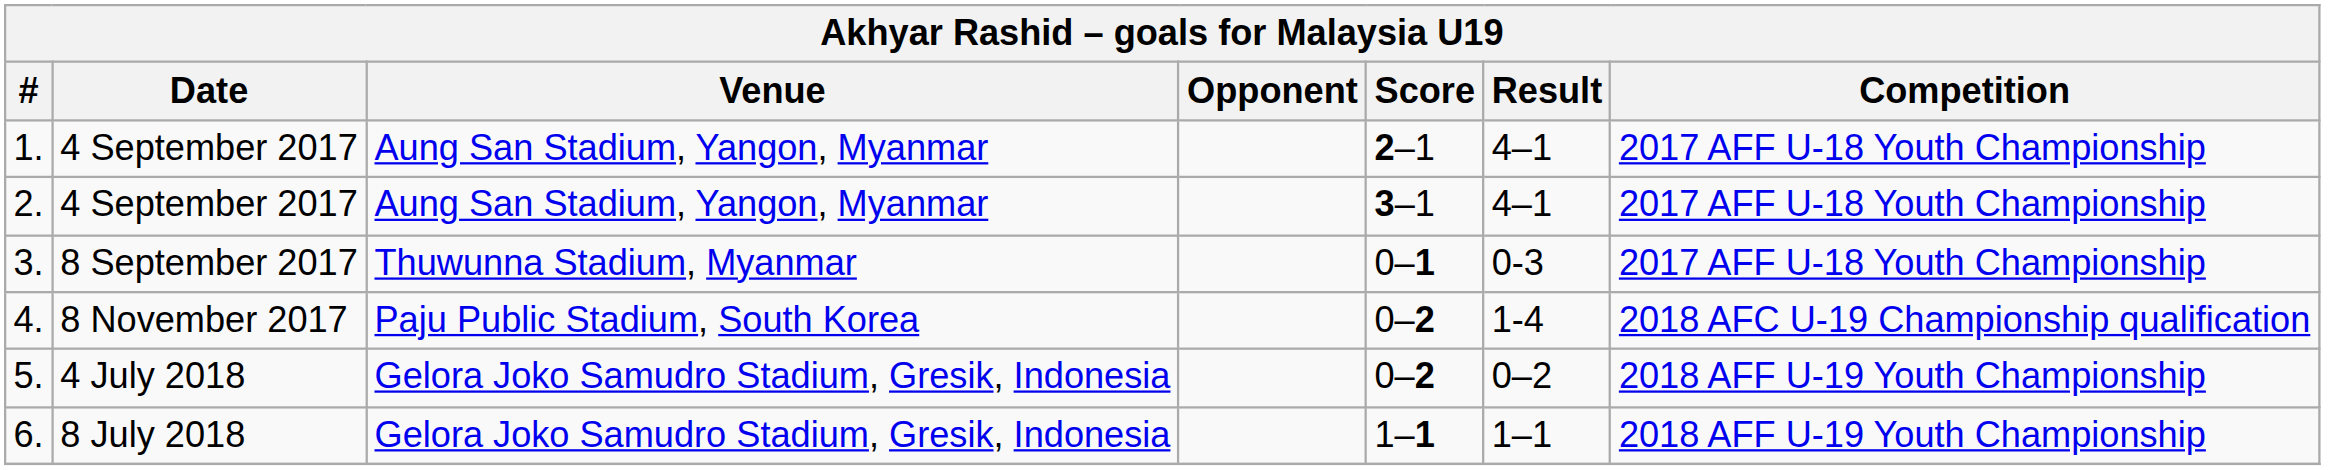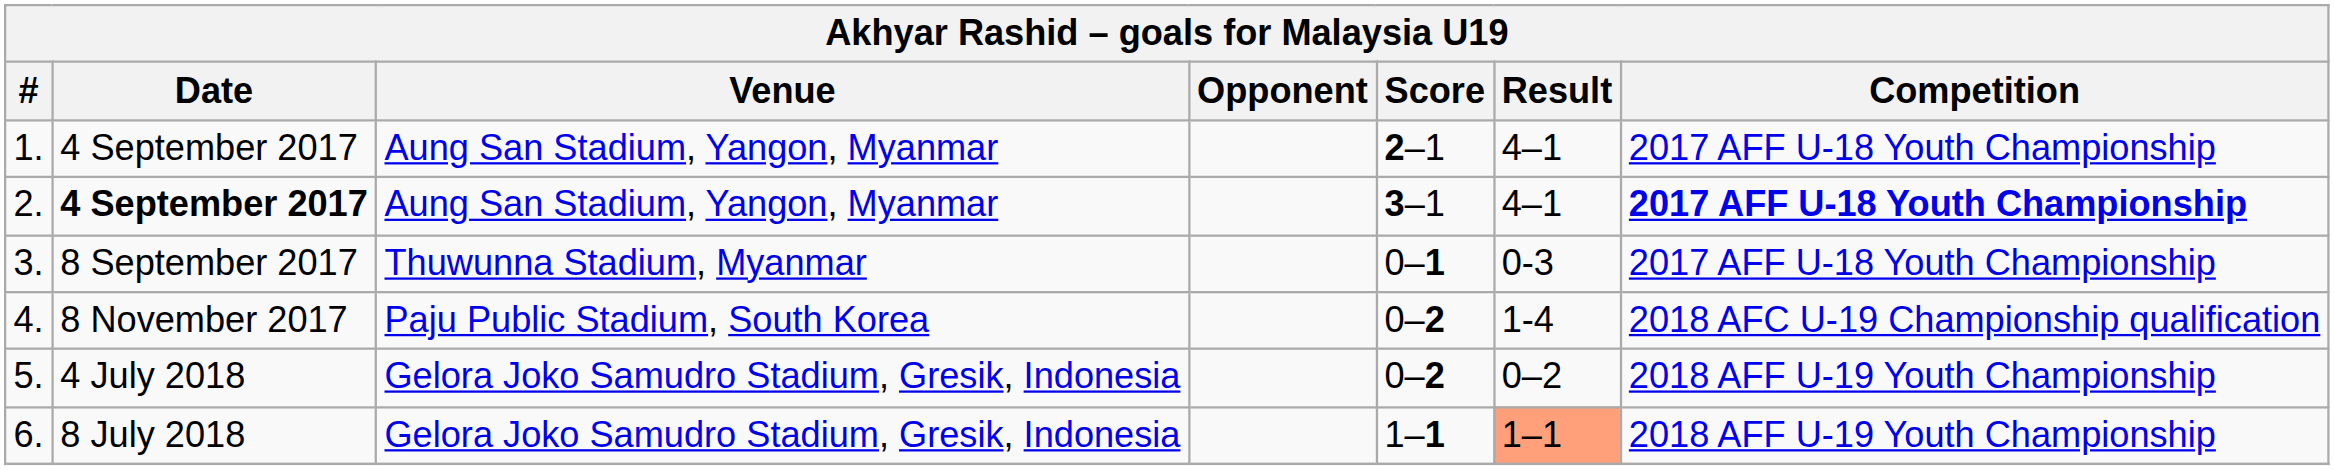 <table class="wikitable">
 <tr>
 <th colspan="8"><strong>Akhyar Rashid – goals for Malaysia U19</strong></th>
 </tr>
 <tr>
 <th>#</th>
 <th>Date</th>
 <th>Venue</th>
 <th>Opponent</th>
 <th>Score</th>
 <th>Result</th>
 <th>Competition</th>
 </tr>
 <tr>
 <td>1.</td>
 <td>4 September 2017</td>
 <td><a href='#'>Aung San Stadium</a>, <a href='#'>Yangon</a>, <a href='#'>Myanmar</a></td>
 <td></td>
 <td><strong>2</strong>–1</td>
 <td>4–1</td>
 <td><a href='#'>2017 AFF U-18 Youth Championship</a></td>
 </tr>
 <tr>
 <td>2.</td>
-<td>4 September 2017</td>
+<td><strong>4 September 2017</strong></td>
 <td><a href='#'>Aung San Stadium</a>, <a href='#'>Yangon</a>, <a href='#'>Myanmar</a></td>
 <td></td>
 <td><strong>3</strong>–1</td>
 <td>4–1</td>
-<td><a href='#'>2017 AFF U-18 Youth Championship</a></td>
+<td><strong><a href='#'>2017 AFF U-18 Youth Championship</a></strong></td>
 </tr>
 <tr>
 <td>3.</td>
 <td>8 September 2017</td>
 <td><a href='#'>Thuwunna Stadium</a>, <a href='#'>Myanmar</a></td>
 <td></td>
 <td>0–<strong>1</strong></td>
 <td>0-3</td>
 <td><a href='#'>2017 AFF U-18 Youth Championship</a></td>
 </tr>
 <tr>
 <td>4.</td>
 <td>8 November 2017</td>
 <td><a href='#'>Paju Public Stadium</a>, <a href='#'>South Korea</a></td>
 <td></td>
 <td>0–<strong>2</strong></td>
 <td>1-4</td>
 <td><a href='#'>2018 AFC U-19 Championship qualification</a></td>
 </tr>
 <tr>
 <td>5.</td>
 <td>4 July 2018</td>
 <td><a href='#'>Gelora Joko Samudro Stadium</a>, <a href='#'>Gresik</a>, <a href='#'>Indonesia</a></td>
 <td></td>
 <td>0–<strong>2</strong></td>
 <td>0–2</td>
 <td><a href='#'>2018 AFF U-19 Youth Championship</a></td>
 </tr>
 <tr>
 <td>6.</td>
 <td>8 July 2018</td>
 <td><a href='#'>Gelora Joko Samudro Stadium</a>, <a href='#'>Gresik</a>, <a href='#'>Indonesia</a></td>
 <td></td>
 <td>1–<strong>1</strong></td>
-<td>1–1</td>
+<td style="background: lightsalmon;">1–1</td>
 <td><a href='#'>2018 AFF U-19 Youth Championship</a></td>
 </tr>
 <tr>
 </tr>
 </table>
